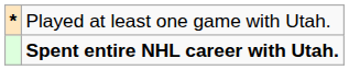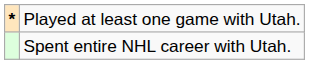 <table class="wikitable" style="font-size:95%">
 <tr>
 <th scope="row" style="background:#FFE6BD">*</th>
 <td>Played at least one game with Utah.</td>
 </tr>
 <tr>
 <th scope="row" style="background:#DDFFDD"></th>
-<td><strong>Spent entire NHL career with Utah.</strong></td>
+<td>Spent entire NHL career with Utah.</td>
 </tr>
 </table>
